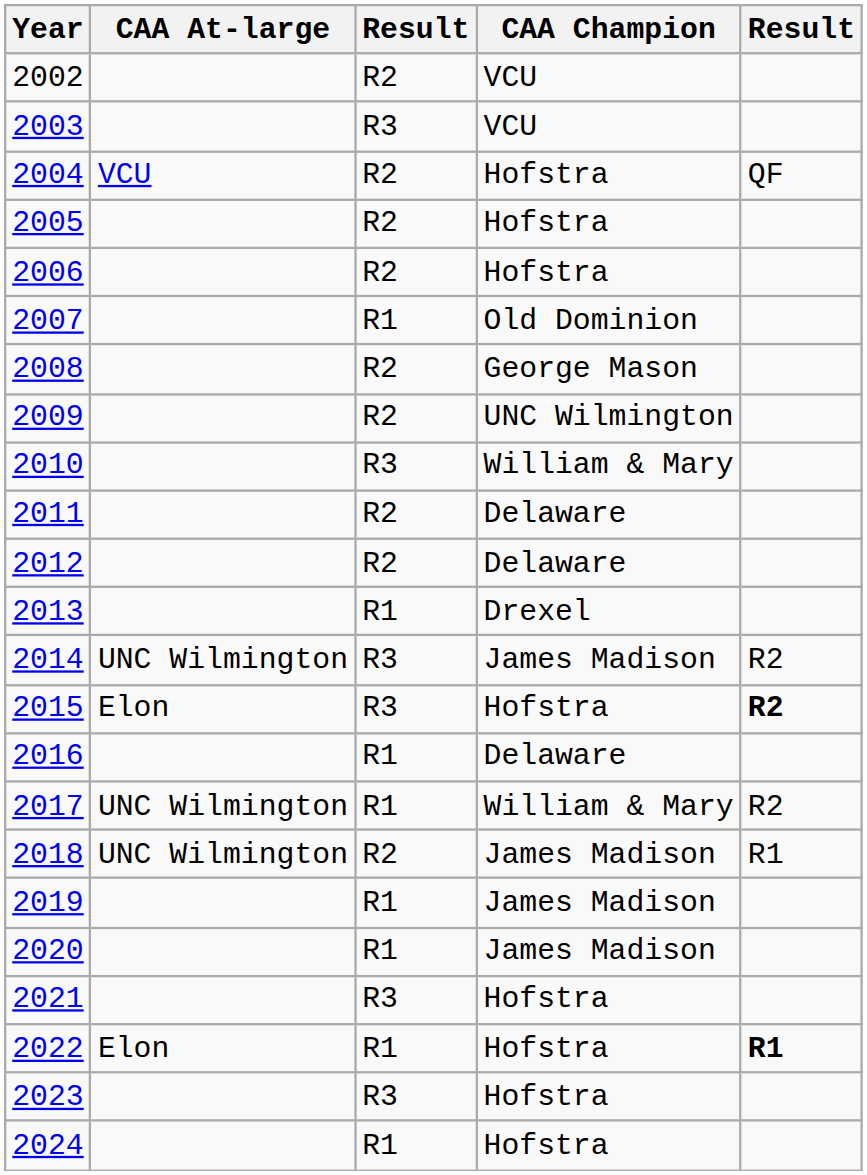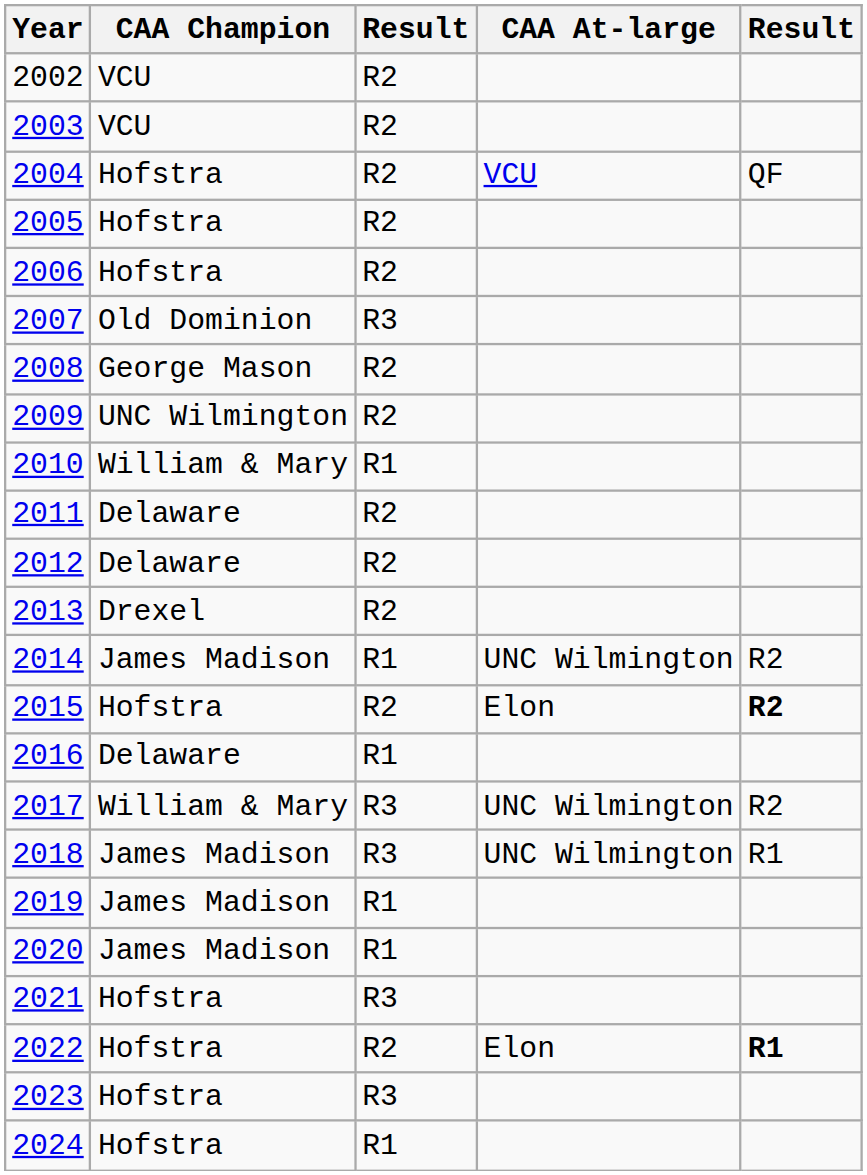 <table class="wikitable">
 <tr>
 <th width=px>Year</th>
+<th width=px>CAA Champion</th>
+<th width=px>Result</th>
 <th width=px>CAA At-large</th>
-<th width=px>Result</th>
-<th width=px>CAA Champion</th>
 <th width=px>Result</th>
 </tr>
 <tr>
 <td>2002</td>
+<td>VCU</td>
+<td>R2</td>
 <td></td>
-<td>R2</td>
-<td>VCU</td>
 <td></td>
 </tr>
 <tr>
 <td><a href='#'>2003</a></td>
+<td>VCU</td>
+<td>R2</td>
 <td></td>
-<td>R3</td>
-<td>VCU</td>
 <td></td>
 </tr>
 <tr>
 <td><a href='#'>2004</a></td>
+<td>Hofstra</td>
+<td>R2</td>
 <td><a href='#'>VCU</a></td>
-<td>R2</td>
-<td>Hofstra</td>
 <td>QF</td>
 </tr>
 <tr>
 <td><a href='#'>2005</a></td>
+<td>Hofstra</td>
+<td>R2</td>
 <td></td>
-<td>R2</td>
-<td>Hofstra</td>
 <td></td>
 </tr>
 <tr>
 <td><a href='#'>2006</a></td>
+<td>Hofstra</td>
+<td>R2</td>
 <td></td>
-<td>R2</td>
-<td>Hofstra</td>
 <td></td>
 </tr>
 <tr>
 <td><a href='#'>2007</a></td>
+<td>Old Dominion</td>
+<td>R3</td>
 <td></td>
-<td>R1</td>
-<td>Old Dominion</td>
 <td></td>
 </tr>
 <tr>
 <td><a href='#'>2008</a></td>
+<td>George Mason</td>
+<td>R2</td>
 <td></td>
-<td>R2</td>
-<td>George Mason</td>
 <td></td>
 </tr>
 <tr>
 <td><a href='#'>2009</a></td>
+<td>UNC Wilmington</td>
+<td>R2</td>
 <td></td>
-<td>R2</td>
-<td>UNC Wilmington</td>
 <td></td>
 </tr>
 <tr>
 <td><a href='#'>2010</a></td>
+<td>William & Mary</td>
+<td>R1</td>
 <td></td>
-<td>R3</td>
-<td>William & Mary</td>
 <td></td>
 </tr>
 <tr>
 <td><a href='#'>2011</a></td>
+<td>Delaware</td>
+<td>R2</td>
 <td></td>
-<td>R2</td>
-<td>Delaware</td>
 <td></td>
 </tr>
 <tr>
 <td><a href='#'>2012</a></td>
+<td>Delaware</td>
+<td>R2</td>
 <td></td>
-<td>R2</td>
-<td>Delaware</td>
 <td></td>
 </tr>
 <tr>
 <td><a href='#'>2013</a></td>
+<td>Drexel</td>
+<td>R2</td>
 <td></td>
-<td>R1</td>
-<td>Drexel</td>
 <td></td>
 </tr>
 <tr>
 <td><a href='#'>2014</a></td>
+<td>James Madison</td>
+<td>R1</td>
 <td>UNC Wilmington</td>
-<td>R3</td>
-<td>James Madison</td>
 <td>R2</td>
 </tr>
 <tr>
 <td><a href='#'>2015</a></td>
+<td>Hofstra</td>
+<td>R2</td>
 <td>Elon</td>
-<td>R3</td>
-<td>Hofstra</td>
 <td><strong>R2</strong></td>
 </tr>
 <tr>
 <td><a href='#'>2016</a></td>
+<td>Delaware</td>
+<td>R1</td>
 <td></td>
-<td>R1</td>
-<td>Delaware</td>
 <td></td>
 </tr>
 <tr>
 <td><a href='#'>2017</a></td>
+<td>William & Mary</td>
+<td>R3</td>
 <td>UNC Wilmington</td>
-<td>R1</td>
-<td>William & Mary</td>
 <td>R2</td>
 </tr>
 <tr>
 <td><a href='#'>2018</a></td>
+<td>James Madison</td>
+<td>R3</td>
 <td>UNC Wilmington</td>
-<td>R2</td>
-<td>James Madison</td>
 <td>R1</td>
 </tr>
 <tr>
 <td><a href='#'>2019</a></td>
+<td>James Madison</td>
+<td>R1</td>
 <td></td>
-<td>R1</td>
-<td>James Madison</td>
 <td></td>
 </tr>
 <tr>
 <td><a href='#'>2020</a></td>
+<td>James Madison</td>
+<td>R1</td>
 <td></td>
-<td>R1</td>
-<td>James Madison</td>
 <td></td>
 </tr>
 <tr>
 <td><a href='#'>2021</a></td>
+<td>Hofstra</td>
+<td>R3</td>
 <td></td>
-<td>R3</td>
-<td>Hofstra</td>
 <td></td>
 </tr>
 <tr>
 <td><a href='#'>2022</a></td>
+<td>Hofstra</td>
+<td>R2</td>
 <td>Elon</td>
-<td>R1</td>
-<td>Hofstra</td>
 <td><strong>R1</strong></td>
 </tr>
 <tr>
 <td><a href='#'>2023</a></td>
+<td>Hofstra</td>
+<td>R3</td>
 <td></td>
-<td>R3</td>
-<td>Hofstra</td>
 <td></td>
 </tr>
 <tr>
 <td><a href='#'>2024</a></td>
+<td>Hofstra</td>
+<td>R1</td>
 <td></td>
-<td>R1</td>
-<td>Hofstra</td>
 <td></td>
 </tr>
 </table>
